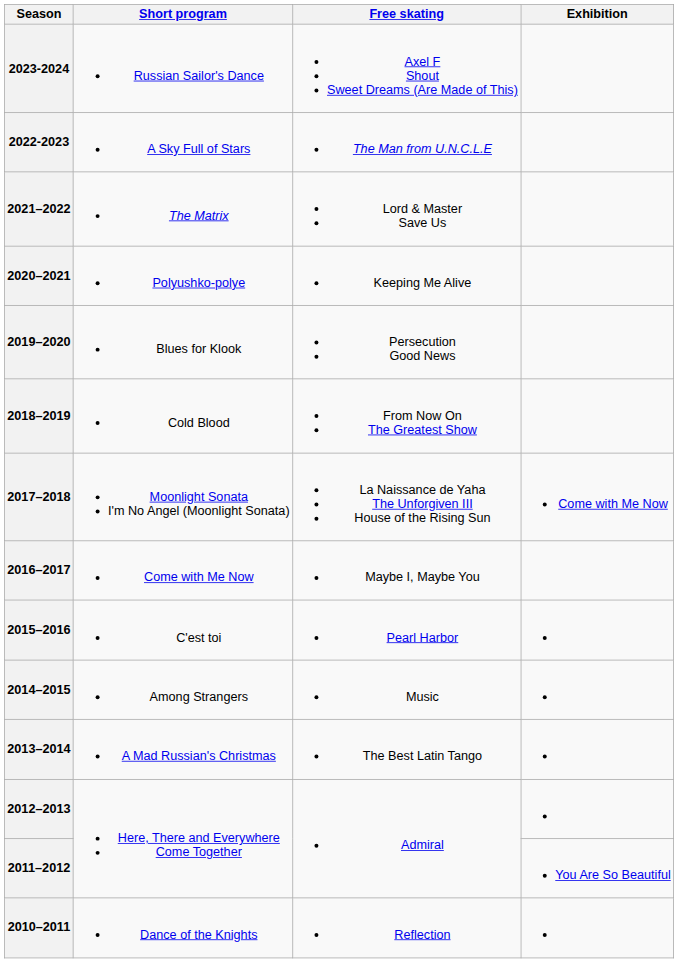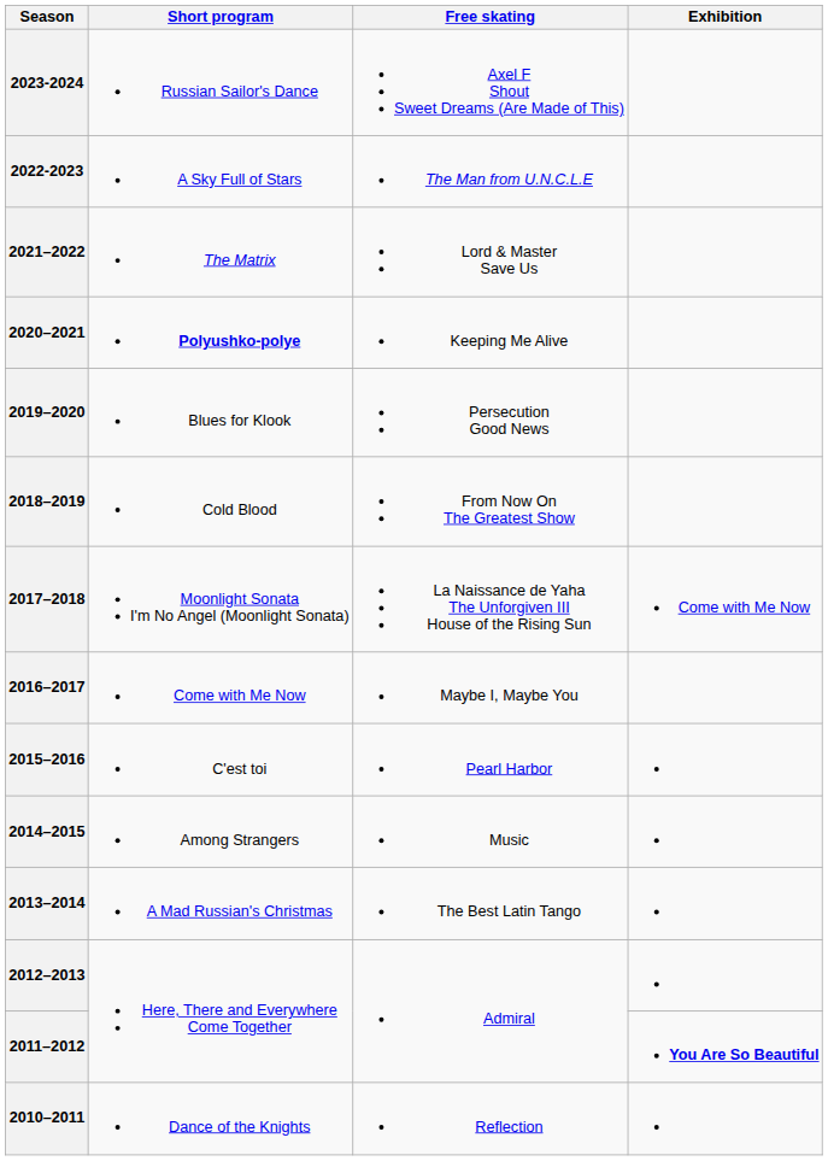 <table class=wikitable style=text-align:center>
 <tr>
 <th>Season</th>
 <th><a href='#'>Short program</a></th>
 <th><a href='#'>Free skating</a></th>
 <th>Exhibition</th>
 </tr>
 <tr>
 <th>2023-2024</th>
 <td><br><ul><li><a href='#'>Russian Sailor's Dance</a> <br> </li></ul></td>
 <td><br><ul><li><a href='#'>Axel F</a> <br> </li><li><a href='#'>Shout</a> <br> </li><li><a href='#'>Sweet Dreams (Are Made of This)</a> <br> </li></ul></td>
 <td></td>
 </tr>
 <tr>
 <th>2022-2023</th>
 <td><br><ul><li><a href='#'>A Sky Full of Stars</a> <br> </li></ul></td>
 <td><br><ul><li><em><a href='#'>The Man from U.N.C.L.E</a></em> <br> </li></ul></td>
 <td></td>
 </tr>
 <tr>
 <th>2021–2022 <br> </th>
 <td><br><ul><li><em><a href='#'>The Matrix</a></em> <br> </li></ul></td>
 <td><br><ul><li>Lord & Master <br> </li><li>Save Us <br> </li></ul></td>
 </tr>
 <tr>
 <th>2020–2021 <br> </th>
-<td><br><ul><li><a href='#'>Polyushko-polye</a> <br></li></ul></td>
+<td><strong><br><ul><li><a href='#'>Polyushko-polye</a> <br></li></ul></strong></td>
 <td><br><ul><li>Keeping Me Alive <br></li></ul></td>
 <td></td>
 </tr>
 <tr>
 <th>2019–2020 <br> </th>
 <td><br><ul><li>Blues for Klook <br></li></ul></td>
 <td><br><ul><li>Persecution <br> </li><li>Good News <br></li></ul></td>
 <td></td>
 </tr>
 <tr>
 <th>2018–2019 <br> </th>
 <td><br><ul><li>Cold Blood <br></li></ul></td>
 <td><br><ul><li>From Now On</li><li><a href='#'>The Greatest Show</a> <br></li></ul></td>
 <td></td>
 </tr>
 <tr>
 <th>2017–2018 <br> </th>
 <td><br><ul><li><a href='#'>Moonlight Sonata</a> <br></li><li>I'm No Angel (Moonlight Sonata) <br></li></ul></td>
 <td><br><ul><li>La Naissance de Yaha <br></li><li><a href='#'>The Unforgiven III</a> <br></li><li>House of the Rising Sun <br></li></ul></td>
 <td><br><ul><li><a href='#'>Come with Me Now</a> <br></li></ul></td>
 </tr>
 <tr>
 <th>2016–2017 <br> </th>
 <td><br><ul><li><a href='#'>Come with Me Now</a> <br></li></ul></td>
 <td><br><ul><li>Maybe I, Maybe You <br></li></ul></td>
 <td></td>
 </tr>
 <tr>
 <th>2015–2016 <br> </th>
 <td><br><ul><li>C'est toi <br></li></ul></td>
 <td><br><ul><li><a href='#'>Pearl Harbor</a> <br></li></ul></td>
 <td><br><ul><li></li></ul></td>
 </tr>
 <tr>
 <th>2014–2015 <br> </th>
 <td><br><ul><li>Among Strangers <br></li></ul></td>
 <td><br><ul><li>Music <br></li></ul></td>
 <td><br><ul><li></li></ul></td>
 </tr>
 <tr>
 <th>2013–2014 <br> </th>
 <td><br><ul><li><a href='#'>A Mad Russian's Christmas</a> <br></li></ul></td>
 <td><br><ul><li>The Best Latin Tango</li></ul></td>
 <td><br><ul><li></li></ul></td>
 </tr>
 <tr>
 <th>2012–2013 <br> </th>
 <td rowspan="2"><br><ul><li><a href='#'>Here, There and Everywhere</a> <br></li><li><a href='#'>Come Together</a> <br></li></ul></td>
 <td rowspan="2"><br><ul><li><a href='#'>Admiral</a> <br></li></ul></td>
 <td><br><ul><li></li></ul></td>
 </tr>
 <tr>
 <th>2011–2012</th>
-<td><br><ul><li><a href='#'>You Are So Beautiful</a> <br></li></ul></td>
+<td><strong><br><ul><li><a href='#'>You Are So Beautiful</a> <br></li></ul></strong></td>
 </tr>
 <tr>
 <th>2010–2011</th>
 <td><br><ul><li><a href='#'>Dance of the Knights</a> <br></li></ul></td>
 <td><br><ul><li><a href='#'>Reflection</a> <br></li></ul></td>
 <td><br><ul><li></li></ul></td>
 </tr>
 </table>
